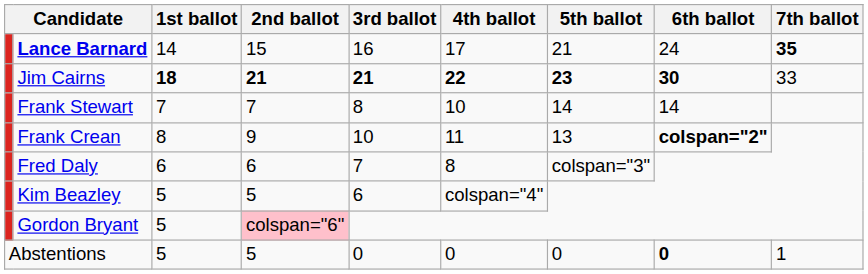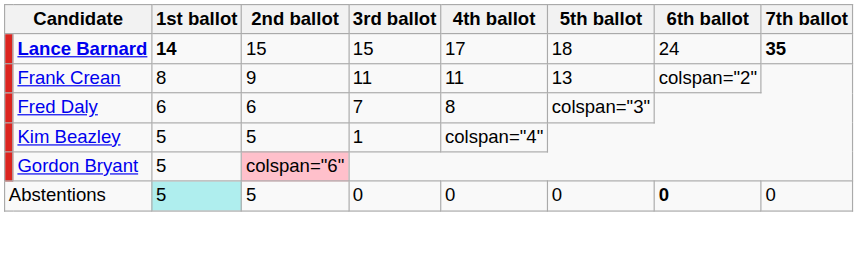 <table class="wikitable">
 <tr>
 <th colspan="2">Candidate</th>
 <th>1st ballot</th>
 <th>2nd ballot</th>
 <th>3rd ballot</th>
 <th>4th ballot</th>
 <th>5th ballot</th>
 <th>6th ballot</th>
 <th>7th ballot</th>
 </tr>
 <tr>
 <td style="background:#DC241F"></td>
 <td><strong><a href='#'>Lance Barnard</a></strong></td>
-<td>14</td>
+<td><strong>14</strong></td>
 <td>15</td>
-<td>16</td>
+<td>15</td>
 <td>17</td>
-<td>21</td>
+<td>18</td>
 <td>24</td>
 <td><strong>35</strong></td>
-</tr>
-<tr>
-<td style="background:#DC241F"></td>
-<td><a href='#'>Jim Cairns</a></td>
-<td><strong>18</strong></td>
-<td><strong>21</strong></td>
-<td><strong>21</strong></td>
-<td><strong>22</strong></td>
-<td><strong>23</strong></td>
-<td><strong>30</strong></td>
-<td>33</td>
-</tr>
-<tr>
-<td style="background:#DC241F"></td>
-<td><a href='#'>Frank Stewart</a></td>
-<td>7</td>
-<td>7</td>
-<td>8</td>
-<td>10</td>
-<td>14</td>
-<td>14</td>
-<td></td>
 </tr>
 <tr>
 <td style="background:#DC241F"></td>
 <td><a href='#'>Frank Crean</a></td>
 <td>8</td>
 <td>9</td>
-<td>10</td>
+<td>11</td>
 <td>11</td>
 <td>13</td>
-<td><strong>colspan="2" </strong></td>
+<td>colspan="2" </td>
 </tr>
 <tr>
 <td style="background:#DC241F"></td>
 <td><a href='#'>Fred Daly</a></td>
 <td>6</td>
 <td>6</td>
 <td>7</td>
 <td>8</td>
 <td>colspan="3" </td>
 </tr>
 <tr>
 <td style="background:#DC241F"></td>
 <td><a href='#'>Kim Beazley</a></td>
 <td>5</td>
 <td>5</td>
-<td>6</td>
+<td>1</td>
 <td>colspan="4" </td>
 </tr>
 <tr>
 <td style="background:#DC241F"></td>
 <td><a href='#'>Gordon Bryant</a></td>
 <td>5</td>
 <td style="background: pink;">colspan="6" </td>
 </tr>
 <tr>
 <td colspan="2">Abstentions</td>
-<td>5</td>
+<td style="background: paleturquoise;">5</td>
 <td>5</td>
 <td>0</td>
 <td>0</td>
 <td>0</td>
 <td><strong>0</strong></td>
-<td>1</td>
+<td>0</td>
 </tr>
 </table>
